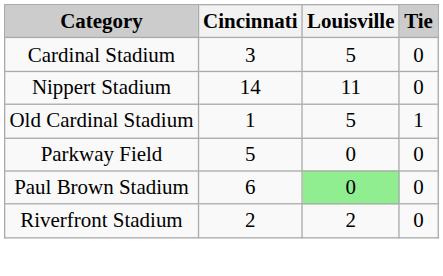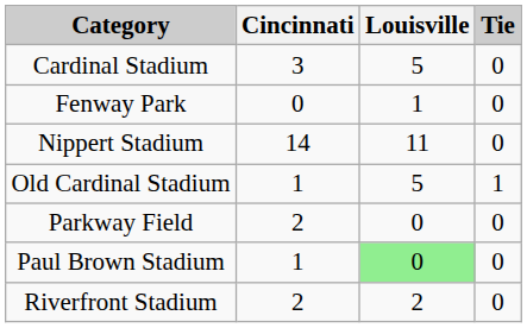 <table class="wikitable">
 <tr>
 <th style="background:#CCCCCC; text-align:center"><strong>Category</strong></th>
 <th><strong>Cincinnati</strong></th>
 <th><strong>Louisville</strong></th>
 <th style="background:#CCCCCC; text-align:center">Tie</th>
 </tr>
 <tr>
 <td align=center>Cardinal Stadium</td>
 <td align=center>3</td>
 <td align=center>5</td>
+<td align=center>0</td>
+</tr>
+<tr>
+<td align=center>Fenway Park</td>
+<td align=center>0</td>
+<td align=center>1</td>
 <td align=center>0</td>
 </tr>
 <tr>
 <td align=center>Nippert Stadium</td>
 <td align=center>14</td>
 <td align=center>11</td>
 <td align=center>0</td>
 </tr>
 <tr>
 <td align=center>Old Cardinal Stadium</td>
 <td align=center>1</td>
 <td align=center>5</td>
 <td align=center>1</td>
 </tr>
 <tr>
 <td align=center>Parkway Field</td>
-<td align=center>5</td>
+<td align=center>2</td>
 <td align=center>0</td>
 <td align=center>0</td>
 </tr>
 <tr>
 <td align=center>Paul Brown Stadium</td>
-<td align=center>6</td>
+<td align=center>1</td>
 <td align=center style="background: lightgreen;">0</td>
 <td align=center>0</td>
 </tr>
 <tr>
 <td align=center>Riverfront Stadium</td>
 <td align=center>2</td>
 <td align=center>2</td>
 <td align=center>0</td>
 </tr>
 </table>
